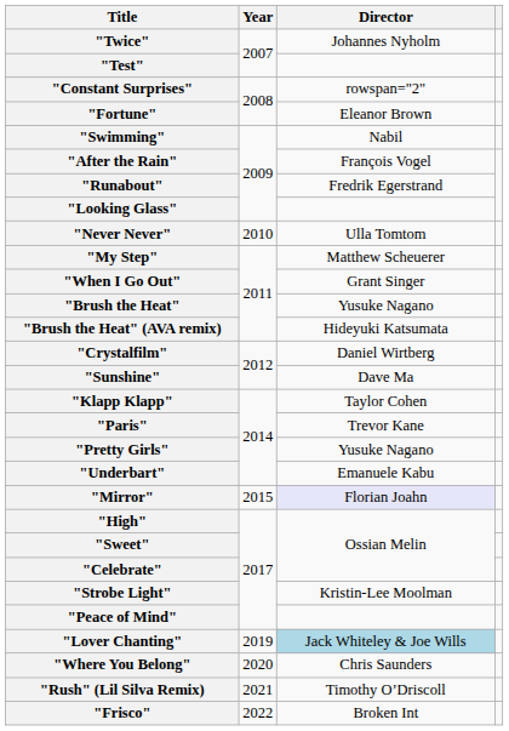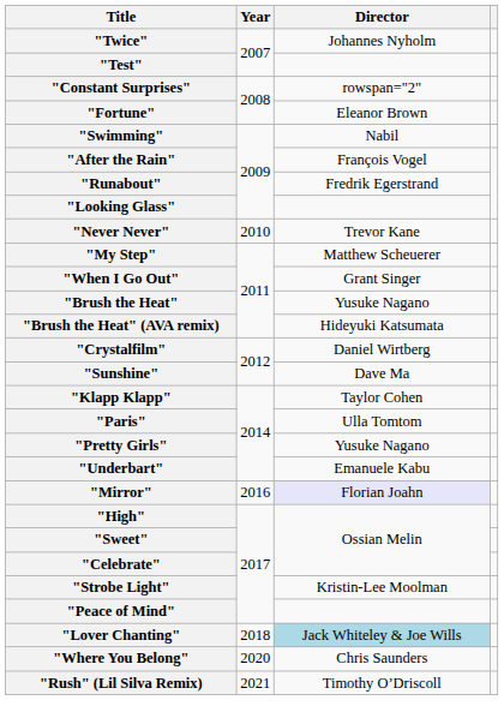 <table class="wikitable plainrowheaders" style="text-align:center">
 <tr>
 <th scope="col" style="width:15em;">Title</th>
 <th scope="col">Year</th>
 <th scope="col" style="width:14em;">Director</th>
 <th scope="col"></th>
 </tr>
 <tr>
 <th scope="row">"Twice"</th>
 <td rowspan="2">2007</td>
 <td>Johannes Nyholm</td>
 <td></td>
 </tr>
 <tr>
 <th scope="row">"Test"</th>
 <td></td>
 <td></td>
 </tr>
 <tr>
 <th scope="row">"Constant Surprises"</th>
 <td rowspan="2">2008</td>
 <td>rowspan="2" </td>
 <td></td>
 </tr>
 <tr>
 <th scope="row">"Fortune"</th>
 <td>Eleanor Brown</td>
 <td></td>
 </tr>
 <tr>
 <th scope="row">"Swimming"</th>
 <td rowspan="4">2009</td>
 <td>Nabil</td>
 <td></td>
 </tr>
 <tr>
 <th scope="row">"After the Rain"</th>
 <td>François Vogel</td>
 <td rowspan="3"></td>
 </tr>
 <tr>
 <th scope="row">"Runabout"</th>
 <td>Fredrik Egerstrand</td>
 </tr>
 <tr>
 <th scope="row">"Looking Glass"</th>
 </tr>
 <tr>
 <th scope="row">"Never Never"</th>
 <td>2010</td>
-<td>Ulla Tomtom</td>
+<td>Trevor Kane</td>
 <td></td>
 </tr>
 <tr>
 <th scope="row">"My Step"</th>
 <td rowspan="4">2011</td>
 <td>Matthew Scheuerer</td>
 <td></td>
 </tr>
 <tr>
 <th scope="row">"When I Go Out"</th>
 <td>Grant Singer</td>
 <td></td>
 </tr>
 <tr>
 <th scope="row">"Brush the Heat"</th>
 <td>Yusuke Nagano</td>
 <td></td>
 </tr>
 <tr>
 <th scope="row">"Brush the Heat" (AVA remix)</th>
 <td>Hideyuki Katsumata</td>
 <td></td>
 </tr>
 <tr>
 <th scope="row">"Crystalfilm"</th>
 <td rowspan="2">2012</td>
 <td>Daniel Wirtberg</td>
 <td></td>
 </tr>
 <tr>
 <th scope="row">"Sunshine"</th>
 <td>Dave Ma</td>
 <td></td>
 </tr>
 <tr>
 <th scope="row">"Klapp Klapp"</th>
 <td rowspan="4">2014</td>
 <td>Taylor Cohen</td>
 <td></td>
 </tr>
 <tr>
 <th scope="row">"Paris"</th>
-<td>Trevor Kane</td>
+<td>Ulla Tomtom</td>
 <td></td>
 </tr>
 <tr>
 <th scope="row">"Pretty Girls"</th>
 <td>Yusuke Nagano</td>
 <td></td>
 </tr>
 <tr>
 <th scope="row">"Underbart"</th>
 <td>Emanuele Kabu</td>
 <td></td>
 </tr>
 <tr>
 <th scope="row">"Mirror"</th>
-<td>2015</td>
+<td>2016</td>
 <td style="background: lavender;">Florian Joahn</td>
 <td></td>
 </tr>
 <tr>
 <th scope="row">"High"</th>
 <td rowspan="5">2017</td>
 <td rowspan="3">Ossian Melin</td>
 <td></td>
 </tr>
 <tr>
 <th scope="row">"Sweet"</th>
 <td></td>
 </tr>
 <tr>
 <th scope="row">"Celebrate"<br></th>
 <td></td>
 </tr>
 <tr>
 <th scope="row">"Strobe Light"</th>
 <td>Kristin-Lee Moolman</td>
 <td></td>
 </tr>
 <tr>
 <th scope="row">"Peace of Mind"<br></th>
 <td></td>
 <td></td>
 </tr>
 <tr>
 <th scope="row">"Lover Chanting"</th>
-<td>2019</td>
+<td>2018</td>
 <td style="background: lightblue;">Jack Whiteley & Joe Wills</td>
 <td></td>
 </tr>
 <tr>
 <th scope="row">"Where You Belong"</th>
 <td>2020</td>
 <td>Chris Saunders</td>
 <td></td>
 </tr>
 <tr>
 <th scope="row">"Rush" (Lil Silva Remix)</th>
 <td>2021</td>
 <td>Timothy O’Driscoll</td>
 <td></td>
 </tr>
-<tr>
-<th scope="row">"Frisco"</th>
-<td>2022</td>
-<td>Broken Int</td>
-<td></td>
-</tr>
 </table>
